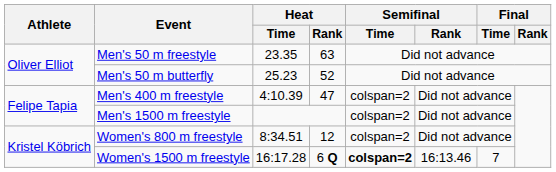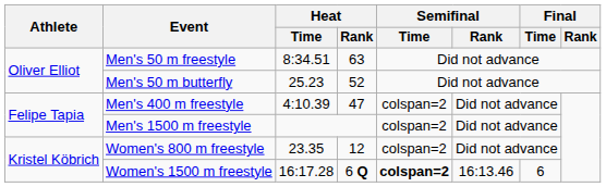 <table class=wikitable style="font-size:90%">
 <tr>
 <th rowspan="2">Athlete</th>
 <th rowspan="2">Event</th>
 <th colspan="2">Heat</th>
 <th colspan="2">Semifinal</th>
 <th colspan="2">Final</th>
 </tr>
 <tr style="font-size:95%">
 <th>Time</th>
 <th>Rank</th>
 <th>Time</th>
 <th>Rank</th>
 <th>Time</th>
 <th>Rank</th>
 </tr>
 <tr align=center>
 <td align=left rowspan=2><a href='#'>Oliver Elliot</a></td>
 <td align=left><a href='#'>Men's 50 m freestyle</a></td>
-<td>23.35</td>
+<td>8:34.51</td>
 <td>63</td>
 <td colspan=4>Did not advance</td>
 </tr>
 <tr align=center>
 <td align=left><a href='#'>Men's 50 m butterfly</a></td>
 <td>25.23</td>
 <td>52</td>
 <td colspan=4>Did not advance</td>
 </tr>
 <tr align=center>
 <td align=left rowspan=2><a href='#'>Felipe Tapia</a></td>
 <td align=left><a href='#'>Men's 400 m freestyle</a></td>
 <td>4:10.39</td>
 <td>47</td>
 <td>colspan=2 </td>
 <td colspan=2>Did not advance</td>
 </tr>
 <tr align=center>
 <td align=left><a href='#'>Men's 1500 m freestyle</a></td>
 <td colspan=2></td>
 <td>colspan=2 </td>
 <td colspan=2>Did not advance</td>
 </tr>
 <tr align=center>
 <td align=left rowspan=2><a href='#'>Kristel Köbrich</a></td>
 <td align=left><a href='#'>Women's 800 m freestyle</a></td>
-<td>8:34.51</td>
+<td>23.35</td>
 <td>12</td>
 <td>colspan=2 </td>
 <td colspan=2>Did not advance</td>
 </tr>
 <tr align=center>
 <td align=left><a href='#'>Women's 1500 m freestyle</a></td>
 <td>16:17.28</td>
 <td>6 <strong>Q</strong></td>
 <td><strong>colspan=2 </strong></td>
 <td>16:13.46</td>
-<td>7</td>
+<td>6</td>
 </tr>
 </table>
